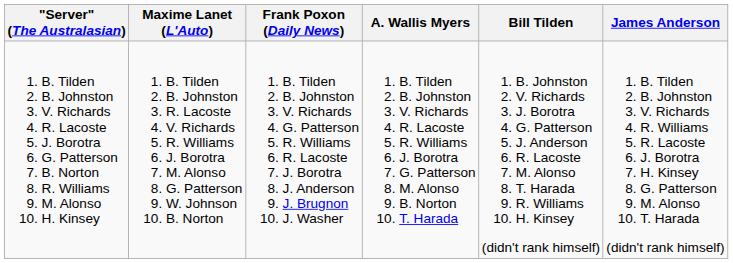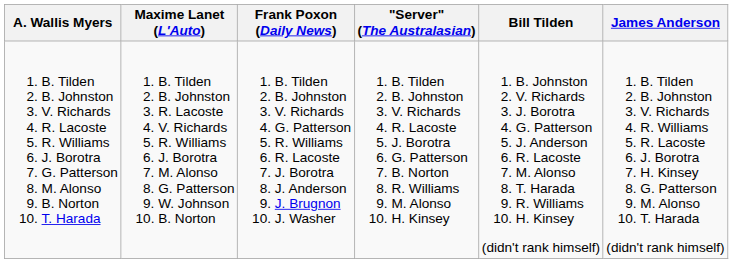 <table class="wikitable">
 <tr>
-<th>"Server"<br>(<em><a href='#'>The Australasian</a></em>)</th>
+<th>A. Wallis Myers</th>
 <th>Maxime Lanet<br>(<em><a href='#'>L'Auto</a></em>)</th>
 <th>Frank Poxon<br>(<em><a href='#'>Daily News</a></em>)</th>
-<th>A. Wallis Myers</th>
+<th>"Server"<br>(<em><a href='#'>The Australasian</a></em>)</th>
 <th>Bill Tilden</th>
 <th><a href='#'>James Anderson</a></th>
 </tr>
 <tr style="vertical-align: top;">
-<td style="white-space: nowrap;"><br><ol><li> B. Tilden</li><li> B. Johnston</li><li> V. Richards</li><li> R. Lacoste</li><li> J. Borotra</li><li> G. Patterson</li><li> B. Norton</li><li> R. Williams</li><li> M. Alonso</li><li> H. Kinsey</li></ol></td>
+<td style="white-space: nowrap;"><br><ol><li> B. Tilden</li><li> B. Johnston</li><li> V. Richards</li><li> R. Lacoste</li><li> R. Williams</li><li> J. Borotra</li><li> G. Patterson</li><li> M. Alonso</li><li> B. Norton</li><li> <a href='#'>T. Harada</a></li></ol></td>
 <td style="white-space: nowrap;"><br><ol><li> B. Tilden</li><li> B. Johnston</li><li> R. Lacoste</li><li> V. Richards</li><li> R. Williams</li><li> J. Borotra</li><li> M. Alonso</li><li> G. Patterson</li><li> W. Johnson</li><li> B. Norton</li></ol></td>
 <td style="white-space: nowrap;"><br><ol><li> B. Tilden</li><li> B. Johnston</li><li> V. Richards</li><li> G. Patterson</li><li> R. Williams</li><li> R. Lacoste</li><li> J. Borotra</li><li> J. Anderson</li><li> <a href='#'>J. Brugnon</a></li><li> J. Washer</li></ol></td>
-<td style="white-space: nowrap;"><br><ol><li> B. Tilden</li><li> B. Johnston</li><li> V. Richards</li><li> R. Lacoste</li><li> R. Williams</li><li> J. Borotra</li><li> G. Patterson</li><li> M. Alonso</li><li> B. Norton</li><li> <a href='#'>T. Harada</a></li></ol></td>
+<td style="white-space: nowrap;"><br><ol><li> B. Tilden</li><li> B. Johnston</li><li> V. Richards</li><li> R. Lacoste</li><li> J. Borotra</li><li> G. Patterson</li><li> B. Norton</li><li> R. Williams</li><li> M. Alonso</li><li> H. Kinsey</li></ol></td>
 <td style="white-space: nowrap;"><br><ol><li> B. Johnston</li><li> V. Richards</li><li> J. Borotra</li><li> G. Patterson</li><li> J. Anderson</li><li> R. Lacoste</li><li> M. Alonso</li><li> T. Harada</li><li> R. Williams</li><li> H. Kinsey</li></ol>(didn't rank himself)</td>
 <td style="white-space: nowrap;"><br><ol><li> B. Tilden</li><li> B. Johnston</li><li> V. Richards</li><li> R. Williams</li><li> R. Lacoste</li><li> J. Borotra</li><li> H. Kinsey</li><li> G. Patterson</li><li> M. Alonso</li><li> T. Harada</li></ol>(didn't rank himself)</td>
 </tr>
 </table>
